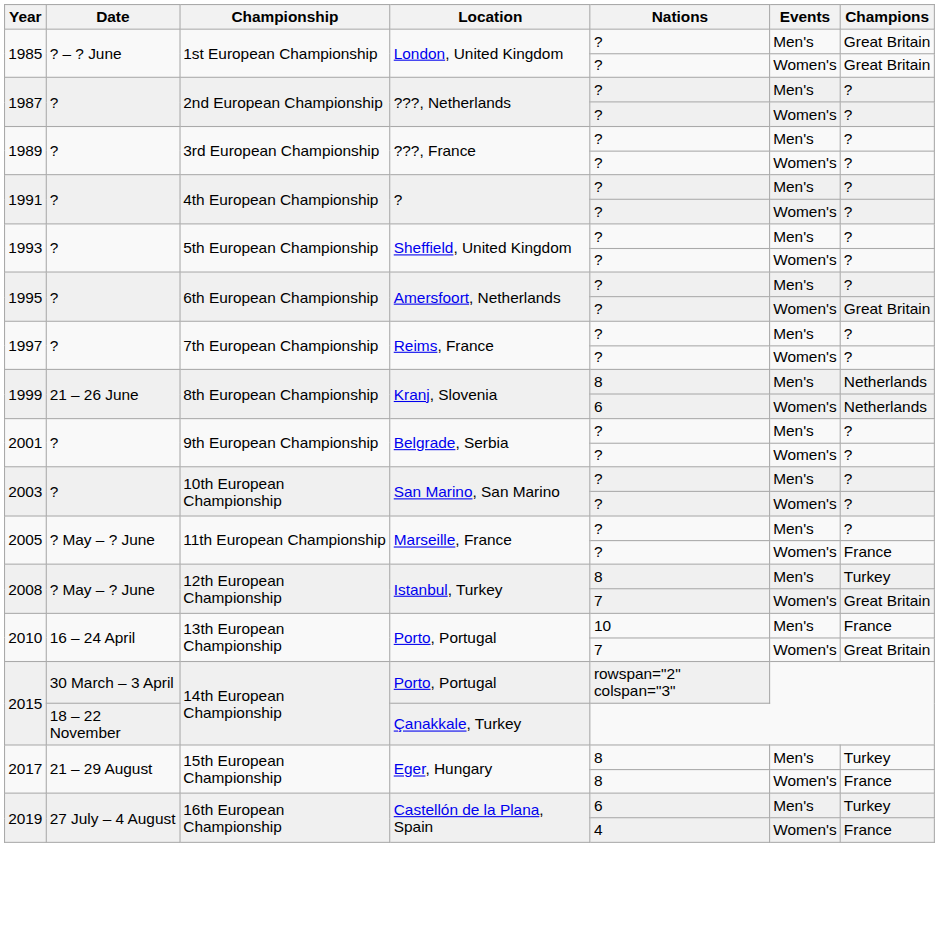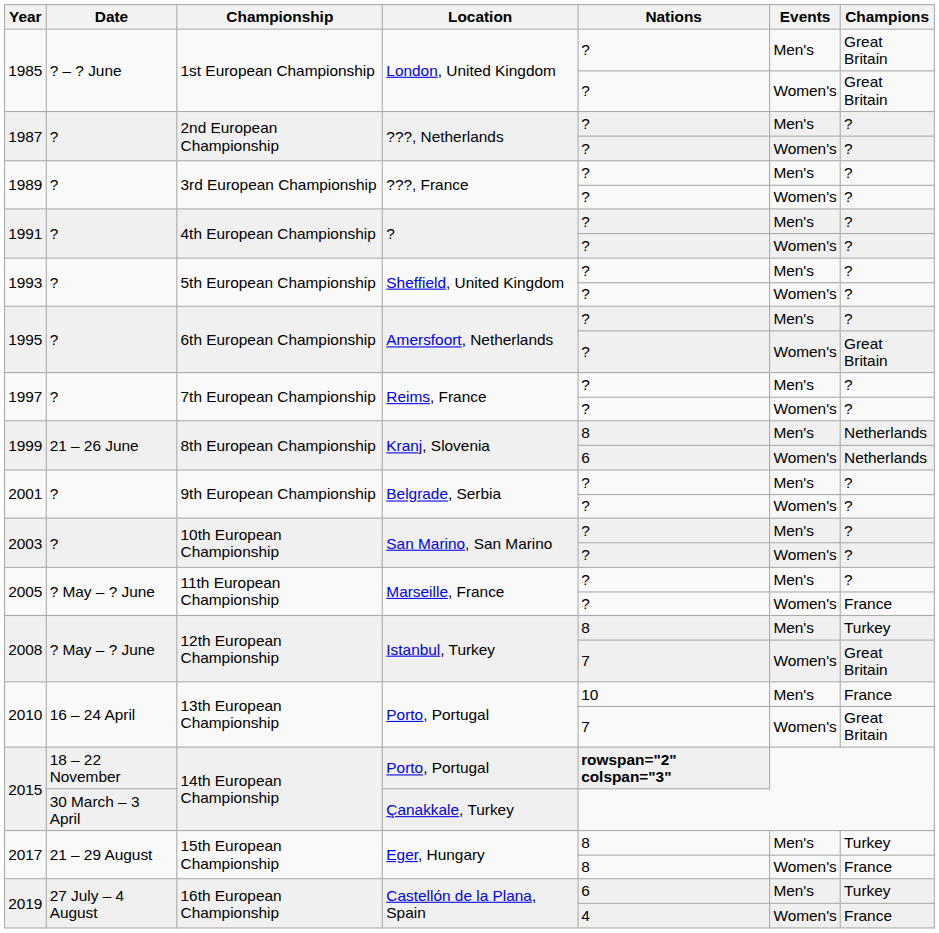 <table class="wikitable" style="text-align:left; font-size:90%;">
 <tr>
 <th>Year</th>
 <th>Date</th>
 <th>Championship</th>
 <th>Location</th>
 <th>Nations</th>
 <th>Events</th>
 <th>Champions</th>
 </tr>
 <tr>
 <td rowspan="2">1985</td>
 <td rowspan="2">? – ? June</td>
 <td rowspan="2">1st European Championship</td>
 <td rowspan="2"> <a href='#'>London</a>, United Kingdom</td>
 <td>?</td>
 <td>Men's</td>
 <td> Great Britain</td>
 </tr>
 <tr>
 <td>?</td>
 <td>Women's</td>
 <td> Great Britain</td>
 </tr>
 <tr bgcolor="#f0f0f0">
 <td rowspan="2">1987</td>
 <td rowspan="2">?</td>
 <td rowspan="2">2nd European Championship</td>
 <td rowspan="2"> ???, Netherlands</td>
 <td>?</td>
 <td>Men's</td>
 <td>?</td>
 </tr>
 <tr bgcolor="#f0f0f0">
 <td>?</td>
 <td>Women's</td>
 <td>?</td>
 </tr>
 <tr>
 <td rowspan="2">1989</td>
 <td rowspan="2">?</td>
 <td rowspan="2">3rd European Championship</td>
 <td rowspan="2"> ???, France</td>
 <td>?</td>
 <td>Men's</td>
 <td>?</td>
 </tr>
 <tr>
 <td>?</td>
 <td>Women's</td>
 <td>?</td>
 </tr>
 <tr bgcolor="#f0f0f0">
 <td rowspan="2">1991</td>
 <td rowspan="2">?</td>
 <td rowspan="2">4th European Championship</td>
 <td rowspan="2">?</td>
 <td>?</td>
 <td>Men's</td>
 <td>?</td>
 </tr>
 <tr bgcolor="#f0f0f0">
 <td>?</td>
 <td>Women's</td>
 <td>?</td>
 </tr>
 <tr>
 <td rowspan="2">1993</td>
 <td rowspan="2">?</td>
 <td rowspan="2">5th European Championship</td>
 <td rowspan="2"> <a href='#'>Sheffield</a>, United Kingdom</td>
 <td>?</td>
 <td>Men's</td>
 <td>?</td>
 </tr>
 <tr>
 <td>?</td>
 <td>Women's</td>
 <td>?</td>
 </tr>
 <tr bgcolor="#f0f0f0">
 <td rowspan="2">1995</td>
 <td rowspan="2">?</td>
 <td rowspan="2">6th European Championship</td>
 <td rowspan="2"> <a href='#'>Amersfoort</a>, Netherlands</td>
 <td>?</td>
 <td>Men's</td>
 <td>?</td>
 </tr>
 <tr bgcolor="#f0f0f0">
 <td>?</td>
 <td>Women's</td>
 <td> Great Britain</td>
 </tr>
 <tr>
 <td rowspan="2">1997</td>
 <td rowspan="2">?</td>
 <td rowspan="2">7th European Championship</td>
 <td rowspan="2"> <a href='#'>Reims</a>, France</td>
 <td>?</td>
 <td>Men's</td>
 <td>?</td>
 </tr>
 <tr>
 <td>?</td>
 <td>Women's</td>
 <td>?</td>
 </tr>
 <tr bgcolor="#f0f0f0">
 <td rowspan="2">1999</td>
 <td rowspan="2">21 – 26 June</td>
 <td rowspan="2">8th European Championship</td>
 <td rowspan="2"> <a href='#'>Kranj</a>, Slovenia</td>
 <td>8</td>
 <td>Men's</td>
 <td> Netherlands</td>
 </tr>
 <tr bgcolor="#f0f0f0">
 <td>6</td>
 <td>Women's</td>
 <td> Netherlands</td>
 </tr>
 <tr>
 <td rowspan="2">2001</td>
 <td rowspan="2">?</td>
 <td rowspan="2">9th European Championship</td>
 <td rowspan="2"> <a href='#'>Belgrade</a>, Serbia</td>
 <td>?</td>
 <td>Men's</td>
 <td>?</td>
 </tr>
 <tr>
 <td>?</td>
 <td>Women's</td>
 <td>?</td>
 </tr>
 <tr bgcolor="#f0f0f0">
 <td rowspan="2">2003</td>
 <td rowspan="2">?</td>
 <td rowspan="2">10th European Championship</td>
 <td rowspan="2"> <a href='#'>San Marino</a>, San Marino</td>
 <td>?</td>
 <td>Men's</td>
 <td>?</td>
 </tr>
 <tr bgcolor="#f0f0f0">
 <td>?</td>
 <td>Women's</td>
 <td>?</td>
 </tr>
 <tr>
 <td rowspan="2">2005</td>
 <td rowspan="2">? May – ? June</td>
 <td rowspan="2">11th European Championship</td>
 <td rowspan="2"> <a href='#'>Marseille</a>, France</td>
 <td>?</td>
 <td>Men's</td>
 <td>?</td>
 </tr>
 <tr>
 <td>?</td>
 <td>Women's</td>
 <td> France</td>
 </tr>
 <tr bgcolor="#f0f0f0">
 <td rowspan="2">2008</td>
 <td rowspan="2">? May – ? June</td>
 <td rowspan="2">12th European Championship</td>
 <td rowspan="2"> <a href='#'>Istanbul</a>, Turkey</td>
 <td>8</td>
 <td>Men's</td>
 <td> Turkey</td>
 </tr>
 <tr bgcolor="#f0f0f0">
 <td>7</td>
 <td>Women's</td>
 <td> Great Britain</td>
 </tr>
 <tr>
 <td rowspan="2">2010</td>
 <td rowspan="2">16 – 24 April</td>
 <td rowspan="2">13th European Championship</td>
 <td rowspan="2"> <a href='#'>Porto</a>, Portugal</td>
 <td>10</td>
 <td>Men's</td>
 <td> France</td>
 </tr>
 <tr>
 <td>7</td>
 <td>Women's</td>
 <td> Great Britain</td>
 </tr>
 <tr bgcolor="#f0f0f0">
 <td rowspan="2">2015</td>
-<td>30 March – 3 April</td>
+<td>18 – 22 November</td>
 <td rowspan="2">14th European Championship</td>
 <td> <a href='#'>Porto</a>, Portugal</td>
-<td>rowspan="2" colspan="3" </td>
+<td><strong>rowspan="2" colspan="3" </strong></td>
 </tr>
 <tr bgcolor="#f0f0f0">
-<td>18 – 22 November</td>
+<td>30 March – 3 April</td>
 <td> <a href='#'>Çanakkale</a>, Turkey</td>
 </tr>
 <tr>
 <td rowspan="2">2017</td>
 <td rowspan="2">21 – 29 August</td>
 <td rowspan="2">15th European Championship</td>
 <td rowspan="2"> <a href='#'>Eger</a>, Hungary</td>
 <td>8</td>
 <td>Men's</td>
 <td> Turkey</td>
 </tr>
 <tr>
 <td>8</td>
 <td>Women's</td>
 <td> France</td>
 </tr>
 <tr bgcolor="#f0f0f0">
 <td rowspan="2">2019</td>
 <td rowspan="2">27 July – 4 August</td>
 <td rowspan="2">16th European Championship</td>
 <td rowspan="2"> <a href='#'>Castellón de la Plana</a>, Spain</td>
 <td>6</td>
 <td>Men's</td>
 <td> Turkey</td>
 </tr>
 <tr bgcolor="#f0f0f0">
 <td>4</td>
 <td>Women's</td>
 <td> France</td>
 </tr>
 </table>
